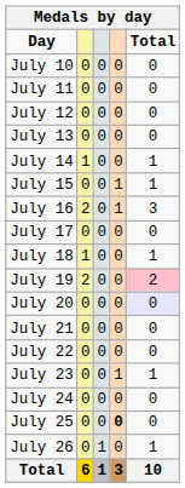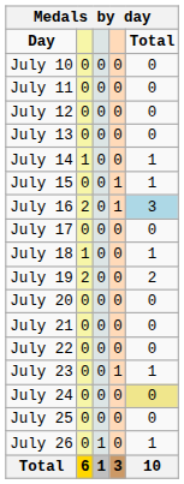 <table class="wikitable" style="font-size:85%; float:right">
 <tr align=center>
 <th colspan=7><strong>Medals by day</strong></th>
 </tr>
 <tr align=center>
 <td><strong>Day</strong></td>
 <td style="background:#f7f6a8;"></td>
 <td style="background:#dce5e5;"></td>
 <td style="background:#ffdab9;"></td>
 <td><strong>Total</strong></td>
 </tr>
 <tr align=center>
 <td>July 10</td>
 <td style="background:#f7f6a8;">0</td>
 <td style="background:#dce5e5;">0</td>
 <td style="background:#ffdab9;">0</td>
 <td>0</td>
 </tr>
 <tr align=center>
 <td>July 11</td>
 <td style="background:#f7f6a8;">0</td>
 <td style="background:#dce5e5;">0</td>
 <td style="background:#ffdab9;">0</td>
 <td>0</td>
 </tr>
 <tr align=center>
 <td>July 12</td>
 <td style="background:#f7f6a8;">0</td>
 <td style="background:#dce5e5;">0</td>
 <td style="background:#ffdab9;">0</td>
 <td>0</td>
 </tr>
 <tr align=center>
 <td>July 13</td>
 <td style="background:#f7f6a8;">0</td>
 <td style="background:#dce5e5;">0</td>
 <td style="background:#ffdab9;">0</td>
 <td>0</td>
 </tr>
 <tr align=center>
 <td>July 14</td>
 <td style="background:#f7f6a8;">1</td>
 <td style="background:#dce5e5;">0</td>
 <td style="background:#ffdab9;">0</td>
 <td>1</td>
 </tr>
 <tr align=center>
 <td>July 15</td>
 <td style="background:#f7f6a8;">0</td>
 <td style="background:#dce5e5;">0</td>
 <td style="background:#ffdab9;">1</td>
 <td>1</td>
 </tr>
 <tr align=center>
 <td>July 16</td>
 <td style="background:#f7f6a8;">2</td>
 <td style="background:#dce5e5;">0</td>
 <td style="background:#ffdab9;">1</td>
-<td>3</td>
+<td style="background: lightblue;">3</td>
 </tr>
 <tr align=center>
 <td>July 17</td>
 <td style="background:#f7f6a8;">0</td>
 <td style="background:#dce5e5;">0</td>
 <td style="background:#ffdab9;">0</td>
 <td>0</td>
 </tr>
 <tr align=center>
 <td>July 18</td>
 <td style="background:#f7f6a8;">1</td>
 <td style="background:#dce5e5;">0</td>
 <td style="background:#ffdab9;">0</td>
 <td>1</td>
 </tr>
 <tr align=center>
 <td>July 19</td>
 <td style="background:#f7f6a8;">2</td>
 <td style="background:#dce5e5;">0</td>
 <td style="background:#ffdab9;">0</td>
-<td style="background: pink;">2</td>
+<td>2</td>
 </tr>
 <tr align=center>
 <td>July 20</td>
 <td style="background:#f7f6a8;">0</td>
 <td style="background:#dce5e5;">0</td>
 <td style="background:#ffdab9;">0</td>
-<td style="background: lavender;">0</td>
+<td>0</td>
 </tr>
 <tr align=center>
 <td>July 21</td>
 <td style="background:#f7f6a8;">0</td>
 <td style="background:#dce5e5;">0</td>
 <td style="background:#ffdab9;">0</td>
 <td>0</td>
 </tr>
 <tr align=center>
 <td>July 22</td>
 <td style="background:#f7f6a8;">0</td>
 <td style="background:#dce5e5;">0</td>
 <td style="background:#ffdab9;">0</td>
 <td>0</td>
 </tr>
 <tr align=center>
 <td>July 23</td>
 <td style="background:#f7f6a8;">0</td>
 <td style="background:#dce5e5;">0</td>
 <td style="background:#ffdab9;">1</td>
 <td>1</td>
 </tr>
 <tr align=center>
 <td>July 24</td>
 <td style="background:#f7f6a8;">0</td>
 <td style="background:#dce5e5;">0</td>
 <td style="background:#ffdab9;">0</td>
-<td>0</td>
+<td style="background: khaki;">0</td>
 </tr>
 <tr align=center>
 <td>July 25</td>
 <td style="background:#f7f6a8;">0</td>
 <td style="background:#dce5e5;">0</td>
-<td style="background:#ffdab9;"><strong>0</strong></td>
+<td style="background:#ffdab9;">0</td>
 <td>0</td>
 </tr>
 <tr align=center>
 <td>July 26</td>
 <td style="background:#f7f6a8;">0</td>
 <td style="background:#dce5e5;">1</td>
 <td style="background:#ffdab9;">0</td>
 <td>1</td>
 </tr>
 <tr align=center>
 <th><strong>Total</strong></th>
 <th style="background:gold;"><strong>6</strong></th>
 <th style="background:silver;"><strong>1</strong></th>
 <th style="background:#c96;"><strong>3</strong></th>
 <th><strong>10</strong></th>
 </tr>
 </table>
